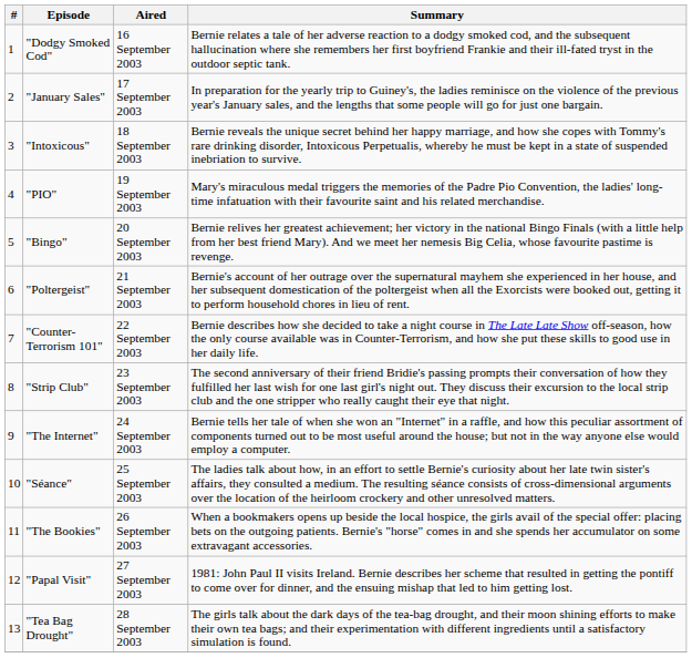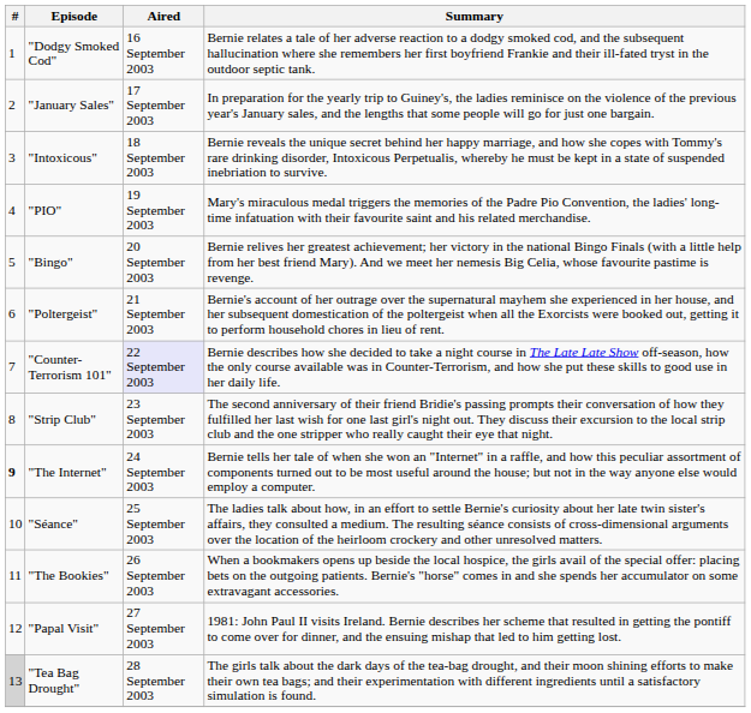 <table class="wikitable">
 <tr>
 <th>#</th>
 <th>Episode</th>
 <th>Aired</th>
 <th>Summary</th>
 </tr>
 <tr>
 <td>1</td>
 <td>"Dodgy Smoked Cod"</td>
 <td>16 September 2003</td>
 <td>Bernie relates a tale of her adverse reaction to a dodgy smoked cod, and the subsequent hallucination where she remembers her first boyfriend Frankie and their ill-fated tryst in the outdoor septic tank.</td>
 </tr>
 <tr>
 <td>2</td>
 <td>"January Sales"</td>
 <td>17 September 2003</td>
 <td>In preparation for the yearly trip to Guiney's, the ladies reminisce on the violence of the previous year's January sales, and the lengths that some people will go for just one bargain.</td>
 </tr>
 <tr>
 <td>3</td>
 <td>"Intoxicous"</td>
 <td>18 September 2003</td>
 <td>Bernie reveals the unique secret behind her happy marriage, and how she copes with Tommy's rare drinking disorder, Intoxicous Perpetualis, whereby he must be kept in a state of suspended inebriation to survive.</td>
 </tr>
 <tr>
 <td>4</td>
 <td>"PIO"</td>
 <td>19 September 2003</td>
 <td>Mary's miraculous medal triggers the memories of the Padre Pio Convention, the ladies' long-time infatuation with their favourite saint and his related merchandise.</td>
 </tr>
 <tr>
 <td>5</td>
 <td>"Bingo"</td>
 <td>20 September 2003</td>
 <td>Bernie relives her greatest achievement; her victory in the national Bingo Finals (with a little help from her best friend Mary). And we meet her nemesis Big Celia, whose favourite pastime is revenge.</td>
 </tr>
 <tr>
 <td>6</td>
 <td>"Poltergeist"</td>
 <td>21 September 2003</td>
 <td>Bernie's account of her outrage over the supernatural mayhem she experienced in her house, and her subsequent domestication of the poltergeist when all the Exorcists were booked out, getting it to perform household chores in lieu of rent.</td>
 </tr>
 <tr>
 <td>7</td>
 <td>"Counter-Terrorism 101"</td>
-<td>22 September 2003</td>
+<td style="background: lavender;">22 September 2003</td>
 <td>Bernie describes how she decided to take a night course in <em><a href='#'>The Late Late Show</a></em> off-season, how the only course available was in Counter-Terrorism, and how she put these skills to good use in her daily life.</td>
 </tr>
 <tr>
 <td>8</td>
 <td>"Strip Club"</td>
 <td>23 September 2003</td>
 <td>The second anniversary of their friend Bridie's passing prompts their conversation of how they fulfilled her last wish for one last girl's night out. They discuss their excursion to the local strip club and the one stripper who really caught their eye that night.</td>
 </tr>
 <tr>
-<td>9</td>
+<td><strong>9</strong></td>
 <td>"The Internet"</td>
 <td>24 September 2003</td>
 <td>Bernie tells her tale of when she won an "Internet" in a raffle, and how this peculiar assortment of components turned out to be most useful around the house; but not in the way anyone else would employ a computer.</td>
 </tr>
 <tr>
 <td>10</td>
 <td>"Séance"</td>
 <td>25 September 2003</td>
 <td>The ladies talk about how, in an effort to settle Bernie's curiosity about her late twin sister's affairs, they consulted a medium. The resulting séance consists of cross-dimensional arguments over the location of the heirloom crockery and other unresolved matters.</td>
 </tr>
 <tr>
 <td>11</td>
 <td>"The Bookies"</td>
 <td>26 September 2003</td>
 <td>When a bookmakers opens up beside the local hospice, the girls avail of the special offer: placing bets on the outgoing patients. Bernie's "horse" comes in and she spends her accumulator on some extravagant accessories.</td>
 </tr>
 <tr>
 <td>12</td>
 <td>"Papal Visit"</td>
 <td>27 September 2003</td>
 <td>1981: John Paul II visits Ireland. Bernie describes her scheme that resulted in getting the pontiff to come over for dinner, and the ensuing mishap that led to him getting lost.</td>
 </tr>
 <tr>
-<td>13</td>
+<td style="background: lightgrey;">13</td>
 <td>"Tea Bag Drought"</td>
 <td>28 September 2003</td>
 <td>The girls talk about the dark days of the tea-bag drought, and their moon shining efforts to make their own tea bags; and their experimentation with different ingredients until a satisfactory simulation is found.</td>
 </tr>
 <tr>
 </tr>
 </table>
